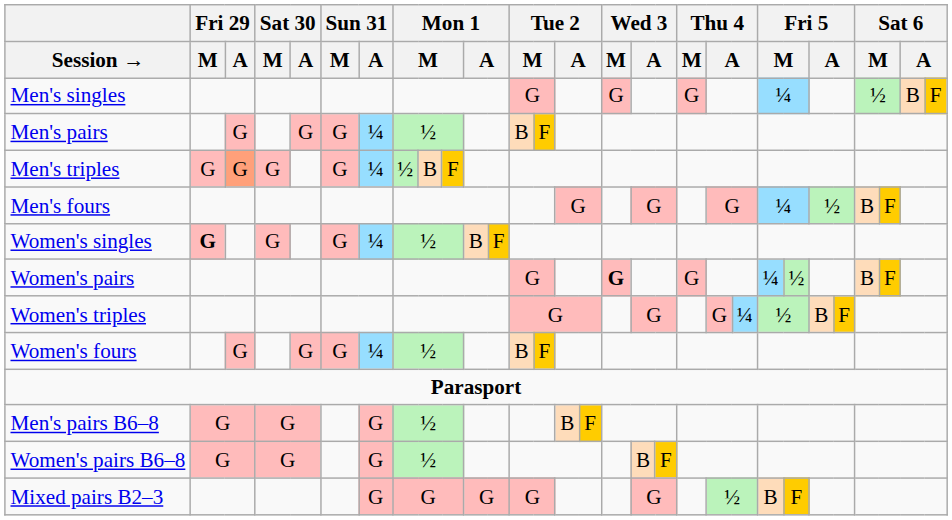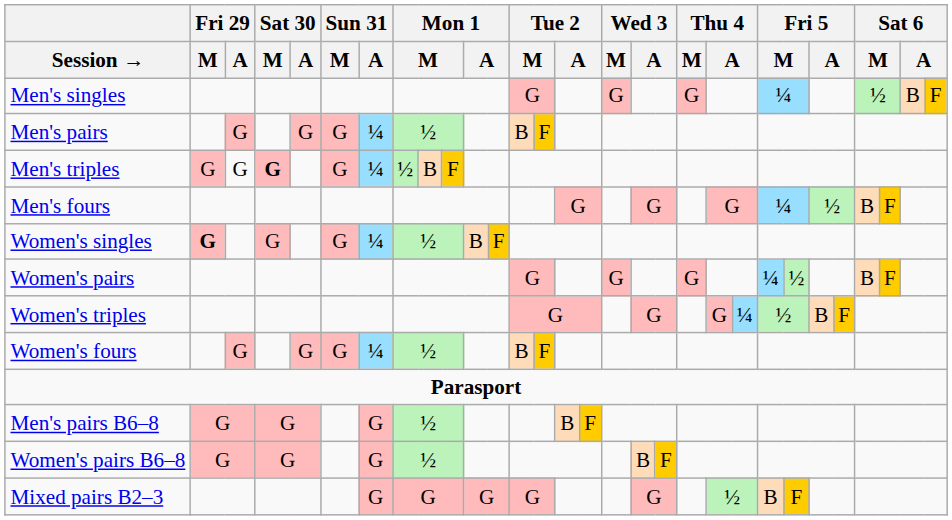 <table class="wikitable" style="margin:0.5em auto; font-size:90%; line-height:1.25em; text-align:center;">
 <tr>
 <th></th>
 <th colspan=2>Fri 29</th>
 <th colspan=2>Sat 30</th>
 <th colspan=2>Sun 31</th>
 <th colspan=5>Mon 1</th>
 <th colspan=4>Tue 2</th>
 <th colspan=3>Wed 3</th>
 <th colspan=3>Thu 4</th>
 <th colspan=4>Fri 5</th>
 <th colspan=4>Sat 6</th>
 </tr>
 <tr>
 <th>Session →</th>
 <th>M</th>
 <th>A</th>
 <th>M</th>
 <th>A</th>
 <th>M</th>
 <th>A</th>
 <th colspan=3>M</th>
 <th colspan=2>A</th>
 <th colspan=2>M</th>
 <th colspan=2>A</th>
 <th>M</th>
 <th colspan=2>A</th>
 <th>M</th>
 <th colspan=2>A</th>
 <th colspan=2>M</th>
 <th colspan=2>A</th>
 <th colspan=2>M</th>
 <th colspan=2>A</th>
 </tr>
 <tr>
 <td style="text-align:left;"><a href='#'>Men's singles</a></td>
 <td colspan=2></td>
 <td colspan=2></td>
 <td colspan=2></td>
 <td colspan=5></td>
 <td colspan="2" style="background-color:#FFBBBB;">G</td>
 <td colspan=2></td>
 <td style="background-color:#FFBBBB;">G</td>
 <td colspan=2></td>
 <td style="background-color:#FFBBBB;">G</td>
 <td colspan=2></td>
 <td colspan="2" style="background-color:#97DEFF;">¼</td>
 <td colspan=2></td>
 <td colspan="2" style="background-color:#BBF3BB;">½</td>
 <td style="background-color:#FEDCBA;">B</td>
 <td style="background-color:#FFCC00;">F</td>
 </tr>
 <tr>
 <td style="text-align:left;"><a href='#'>Men's pairs</a></td>
 <td></td>
 <td style="background-color:#FFBBBB;">G</td>
 <td></td>
 <td style="background-color:#FFBBBB;">G</td>
 <td style="background-color:#FFBBBB;">G</td>
 <td style="background-color:#97DEFF;">¼</td>
 <td colspan="3" style="background-color:#BBF3BB;">½</td>
 <td colspan=2></td>
 <td style="background-color:#FEDCBA;">B</td>
 <td style="background-color:#FFCC00;">F</td>
 <td colspan=2></td>
 <td colspan=3></td>
 <td colspan=3></td>
 <td colspan=4></td>
 <td colspan=4></td>
 </tr>
 <tr>
 <td style="text-align:left;"><a href='#'>Men's triples</a></td>
 <td style="background-color:#FFBBBB;">G</td>
-<td style="background: lightsalmon;">G</td>
-<td style="background-color:#FFBBBB;">G</td>
+<td>G</td>
+<td style="background-color:#FFBBBB;"><strong>G</strong></td>
 <td></td>
 <td style="background-color:#FFBBBB;">G</td>
 <td style="background-color:#97DEFF;">¼</td>
 <td style="background-color:#BBF3BB;">½</td>
 <td style="background-color:#FEDCBA;">B</td>
 <td style="background-color:#FFCC00;">F</td>
 <td colspan=2></td>
 <td colspan=4></td>
 <td colspan=3></td>
 <td colspan=3></td>
 <td colspan=4></td>
 <td colspan=4></td>
 </tr>
 <tr>
 <td style="text-align:left;"><a href='#'>Men's fours</a></td>
 <td colspan=2></td>
 <td colspan=2></td>
 <td colspan=2></td>
 <td colspan=5></td>
 <td colspan=2></td>
 <td colspan="2" style="background-color:#FFBBBB;">G</td>
 <td></td>
 <td colspan="2" style="background-color:#FFBBBB;">G</td>
 <td></td>
 <td colspan="2" style="background-color:#FFBBBB;">G</td>
 <td colspan="2" style="background-color:#97DEFF;">¼</td>
 <td colspan="2" style="background-color:#BBF3BB;">½</td>
 <td style="background-color:#FEDCBA;">B</td>
 <td style="background-color:#FFCC00;">F</td>
 <td colspan=2></td>
 </tr>
 <tr>
 <td style="text-align:left;"><a href='#'>Women's singles</a></td>
 <td style="background-color:#FFBBBB;"><strong>G</strong></td>
 <td></td>
 <td style="background-color:#FFBBBB;">G</td>
 <td></td>
 <td style="background-color:#FFBBBB;">G</td>
 <td style="background-color:#97DEFF;">¼</td>
 <td colspan="3" style="background-color:#BBF3BB;">½</td>
 <td style="background-color:#FEDCBA;">B</td>
 <td style="background-color:#FFCC00;">F</td>
 <td colspan=4></td>
 <td colspan=3></td>
 <td colspan=3></td>
 <td colspan=4></td>
 <td colspan=4></td>
 </tr>
 <tr>
 <td style="text-align:left;"><a href='#'>Women's pairs</a></td>
 <td colspan=2></td>
 <td colspan=2></td>
 <td colspan=2></td>
 <td colspan=5></td>
 <td colspan="2" style="background-color:#FFBBBB;">G</td>
 <td colspan=2></td>
-<td style="background-color:#FFBBBB;"><strong>G</strong></td>
+<td style="background-color:#FFBBBB;">G</td>
 <td colspan=2></td>
 <td style="background-color:#FFBBBB;">G</td>
 <td colspan=2></td>
 <td style="background-color:#97DEFF;">¼</td>
 <td style="background-color:#BBF3BB;">½</td>
 <td colspan=2></td>
 <td style="background-color:#FEDCBA;">B</td>
 <td style="background-color:#FFCC00;">F</td>
 <td colspan=2></td>
 </tr>
 <tr>
 <td style="text-align:left;"><a href='#'>Women's triples</a></td>
 <td colspan=2></td>
 <td colspan=2></td>
 <td colspan=2></td>
 <td colspan=5></td>
 <td colspan="4" style="background-color:#FFBBBB;">G</td>
 <td></td>
 <td colspan="2" style="background-color:#FFBBBB;">G</td>
 <td></td>
 <td style="background-color:#FFBBBB;">G</td>
 <td style="background-color:#97DEFF;">¼</td>
 <td colspan="2" style="background-color:#BBF3BB;">½</td>
 <td style="background-color:#FEDCBA;">B</td>
 <td style="background-color:#FFCC00;">F</td>
 <td colspan=4></td>
 </tr>
 <tr>
 <td style="text-align:left;"><a href='#'>Women's fours</a></td>
 <td></td>
 <td style="background-color:#FFBBBB;">G</td>
 <td></td>
 <td style="background-color:#FFBBBB;">G</td>
 <td style="background-color:#FFBBBB;">G</td>
 <td style="background-color:#97DEFF;">¼</td>
 <td colspan="3" style="background-color:#BBF3BB;">½</td>
 <td colspan=2></td>
 <td style="background-color:#FEDCBA;">B</td>
 <td style="background-color:#FFCC00;">F</td>
 <td colspan=2></td>
 <td colspan=3></td>
 <td colspan=3></td>
 <td colspan=4></td>
 <td colspan=4></td>
 </tr>
 <tr>
 <td colspan=30><strong>Parasport</strong></td>
 </tr>
 <tr>
 <td style="text-align:left;"><a href='#'>Men's pairs B6–8</a></td>
 <td colspan="2" style="background-color:#FFBBBB;">G</td>
 <td colspan="2" style="background-color:#FFBBBB;">G</td>
 <td></td>
 <td style="background-color:#FFBBBB;">G</td>
 <td colspan="3" style="background-color:#BBF3BB;">½</td>
 <td colspan=2></td>
 <td colspan=2></td>
 <td style="background-color:#FEDCBA;">B</td>
 <td style="background-color:#FFCC00;">F</td>
 <td colspan=3></td>
 <td colspan=3></td>
 <td colspan=4></td>
 <td colspan=4></td>
 </tr>
 <tr>
 <td style="text-align:left;"><a href='#'>Women's pairs B6–8</a></td>
 <td colspan="2" style="background-color:#FFBBBB;">G</td>
 <td colspan="2" style="background-color:#FFBBBB;">G</td>
 <td></td>
 <td style="background-color:#FFBBBB;">G</td>
 <td colspan="3" style="background-color:#BBF3BB;">½</td>
 <td colspan=2></td>
 <td colspan=4></td>
 <td></td>
 <td style="background-color:#FEDCBA;">B</td>
 <td style="background-color:#FFCC00;">F</td>
 <td colspan=3></td>
 <td colspan=4></td>
 <td colspan=4></td>
 </tr>
 <tr>
 <td style="text-align:left;"><a href='#'>Mixed pairs B2–3</a></td>
 <td colspan=2></td>
 <td colspan=2></td>
 <td></td>
 <td style="background-color:#FFBBBB;">G</td>
 <td colspan="3" style="background-color:#FFBBBB;">G</td>
 <td colspan="2" style="background-color:#FFBBBB;">G</td>
 <td colspan="2" style="background-color:#FFBBBB;">G</td>
 <td colspan=2></td>
 <td></td>
 <td colspan="2" style="background-color:#FFBBBB;">G</td>
 <td></td>
 <td colspan="2" style="background-color:#BBF3BB;">½</td>
 <td style="background-color:#FEDCBA;">B</td>
 <td style="background-color:#FFCC00;">F</td>
 <td colspan=2></td>
 <td colspan=4></td>
 </tr>
 </table>
